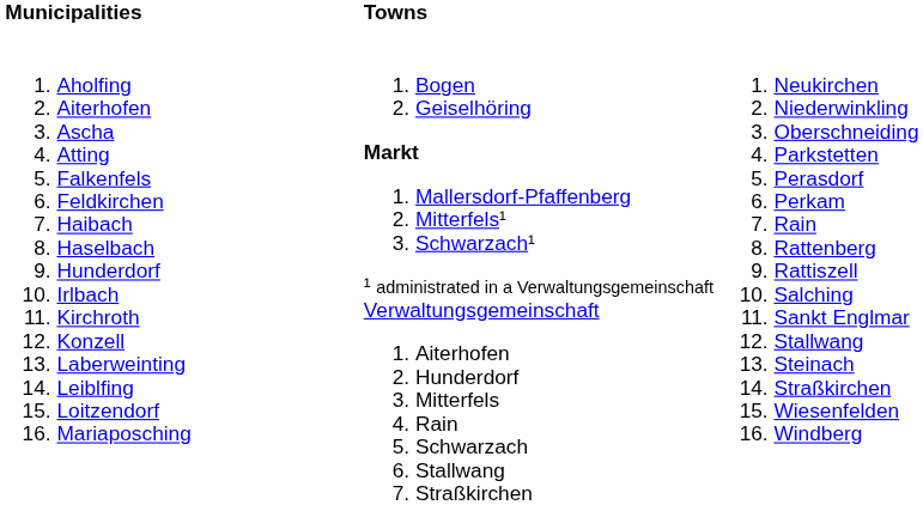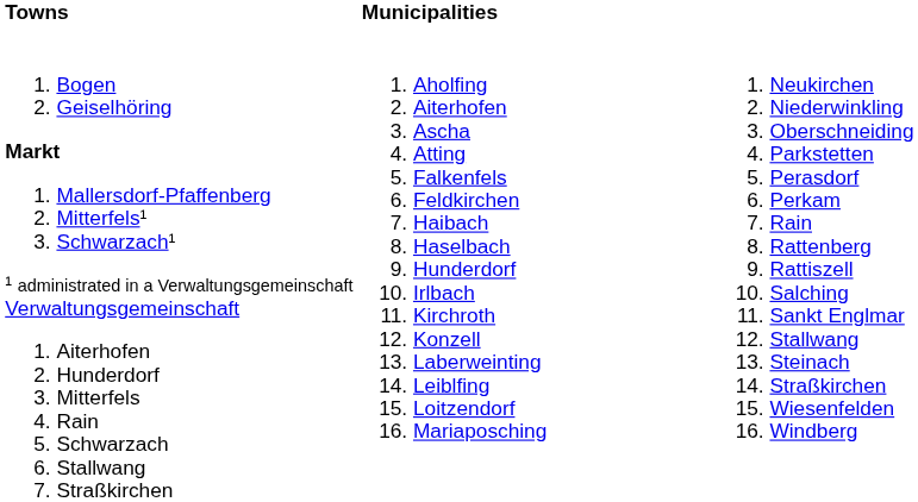 <table>
 <tr>
+<th align=left width=33%>Towns</th>
 <th align=left width=33%>Municipalities</th>
-<th align=left width=33%>Towns</th>
 <th align=left width=33%></th>
 </tr>
 <tr valign=top>
+<td><br><ol><li><a href='#'>Bogen</a></li><li><a href='#'>Geiselhöring</a></li></ol><strong>Markt</strong><ol><li><a href='#'>Mallersdorf-Pfaffenberg</a></li><li><a href='#'>Mitterfels</a>¹</li><li><a href='#'>Schwarzach</a>¹</li></ol>¹ <small>administrated in a Verwaltungsgemeinschaft</small> <br> <a href='#'>Verwaltungsgemeinschaft</a><ol><li>Aiterhofen</li><li>Hunderdorf</li><li>Mitterfels</li><li>Rain</li><li>Schwarzach</li><li>Stallwang</li><li>Straßkirchen</li></ol></td>
 <td><br><ol><li><a href='#'>Aholfing</a></li><li><a href='#'>Aiterhofen</a></li><li><a href='#'>Ascha</a></li><li><a href='#'>Atting</a></li><li><a href='#'>Falkenfels</a></li><li><a href='#'>Feldkirchen</a></li><li><a href='#'>Haibach</a></li><li><a href='#'>Haselbach</a></li><li><a href='#'>Hunderdorf</a></li><li><a href='#'>Irlbach</a></li><li><a href='#'>Kirchroth</a></li><li><a href='#'>Konzell</a></li><li><a href='#'>Laberweinting</a></li><li><a href='#'>Leiblfing</a></li><li><a href='#'>Loitzendorf</a></li><li><a href='#'>Mariaposching</a></li></ol></td>
-<td><br><ol><li><a href='#'>Bogen</a></li><li><a href='#'>Geiselhöring</a></li></ol><strong>Markt</strong><ol><li><a href='#'>Mallersdorf-Pfaffenberg</a></li><li><a href='#'>Mitterfels</a>¹</li><li><a href='#'>Schwarzach</a>¹</li></ol>¹ <small>administrated in a Verwaltungsgemeinschaft</small> <br> <a href='#'>Verwaltungsgemeinschaft</a><ol><li>Aiterhofen</li><li>Hunderdorf</li><li>Mitterfels</li><li>Rain</li><li>Schwarzach</li><li>Stallwang</li><li>Straßkirchen</li></ol></td>
 <td><br><ol> <li> <a href='#'>Neukirchen</a> <li> <a href='#'>Niederwinkling</a> <li> <a href='#'>Oberschneiding</a> <li> <a href='#'>Parkstetten</a> <li> <a href='#'>Perasdorf</a> <li> <a href='#'>Perkam</a> <li> <a href='#'>Rain</a> <li> <a href='#'>Rattenberg</a> <li> <a href='#'>Rattiszell</a> <li> <a href='#'>Salching</a> <li> <a href='#'>Sankt Englmar</a> <li> <a href='#'>Stallwang</a> <li> <a href='#'>Steinach</a> <li> <a href='#'>Straßkirchen</a> <li> <a href='#'>Wiesenfelden</a> <li> <a href='#'>Windberg</a> </ol></td>
 </tr>
 </table>
